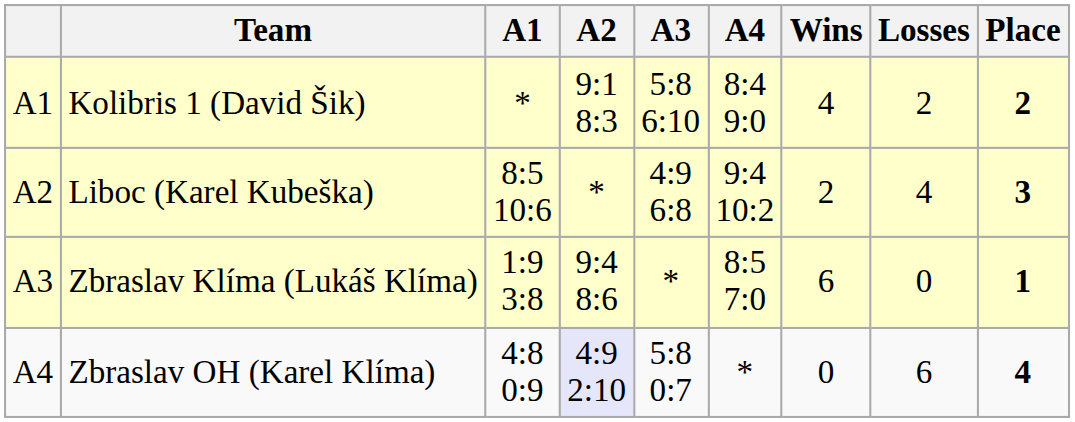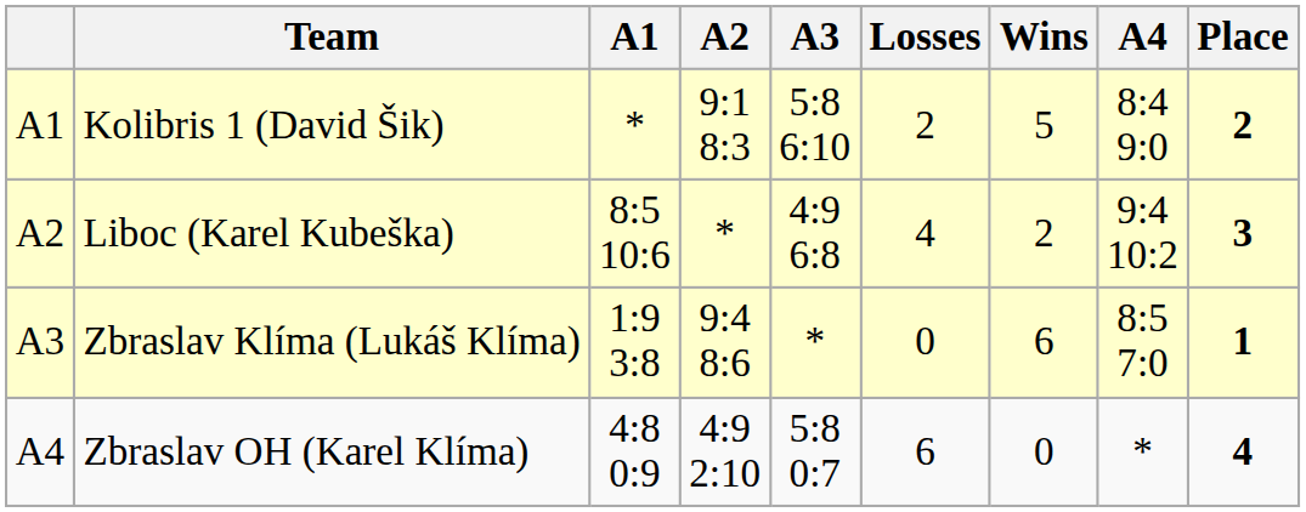 <table class="wikitable" style="text-align:center;">
 <tr>
 <th></th>
 <th>Team</th>
 <th width="25">A1</th>
 <th width="25">A2</th>
 <th width="25">A3</th>
+<th width="20">Losses</th>
+<th width="20">Wins</th>
 <th width="25">A4</th>
-<th width="20">Wins</th>
-<th width="20">Losses</th>
 <th>Place</th>
 </tr>
 <tr bgcolor=#ffc>
 <td>A1</td>
 <td align=left>Kolibris 1 (David Šik)</td>
 <td>*</td>
 <td>9:1<br> 8:3</td>
 <td>5:8<br>6:10</td>
+<td>2</td>
+<td>5</td>
 <td>8:4<br> 9:0</td>
-<td>4</td>
-<td>2</td>
 <td><strong>2</strong></td>
 </tr>
 <tr bgcolor=#ffc>
 <td>A2</td>
 <td align=left>Liboc (Karel Kubeška)</td>
 <td>8:5<br>10:6</td>
 <td>*</td>
 <td>4:9<br> 6:8</td>
+<td>4</td>
+<td>2</td>
 <td>9:4<br>10:2</td>
-<td>2</td>
-<td>4</td>
 <td><strong>3</strong></td>
 </tr>
 <tr bgcolor=#ffc>
 <td>A3</td>
 <td align=left>Zbraslav Klíma (Lukáš Klíma)</td>
 <td>1:9<br> 3:8</td>
 <td>9:4<br> 8:6</td>
 <td>*</td>
+<td>0</td>
+<td>6</td>
 <td>8:5<br> 7:0</td>
-<td>6</td>
-<td>0</td>
 <td><strong>1</strong></td>
 </tr>
 <tr>
 <td>A4</td>
 <td align=left>Zbraslav OH (Karel Klíma)</td>
 <td>4:8<br> 0:9</td>
-<td style="background: lavender;">4:9<br>2:10</td>
+<td>4:9<br>2:10</td>
 <td>5:8<br> 0:7</td>
+<td>6</td>
+<td>0</td>
 <td>*</td>
-<td>0</td>
-<td>6</td>
 <td><strong>4</strong></td>
 </tr>
 </table>
